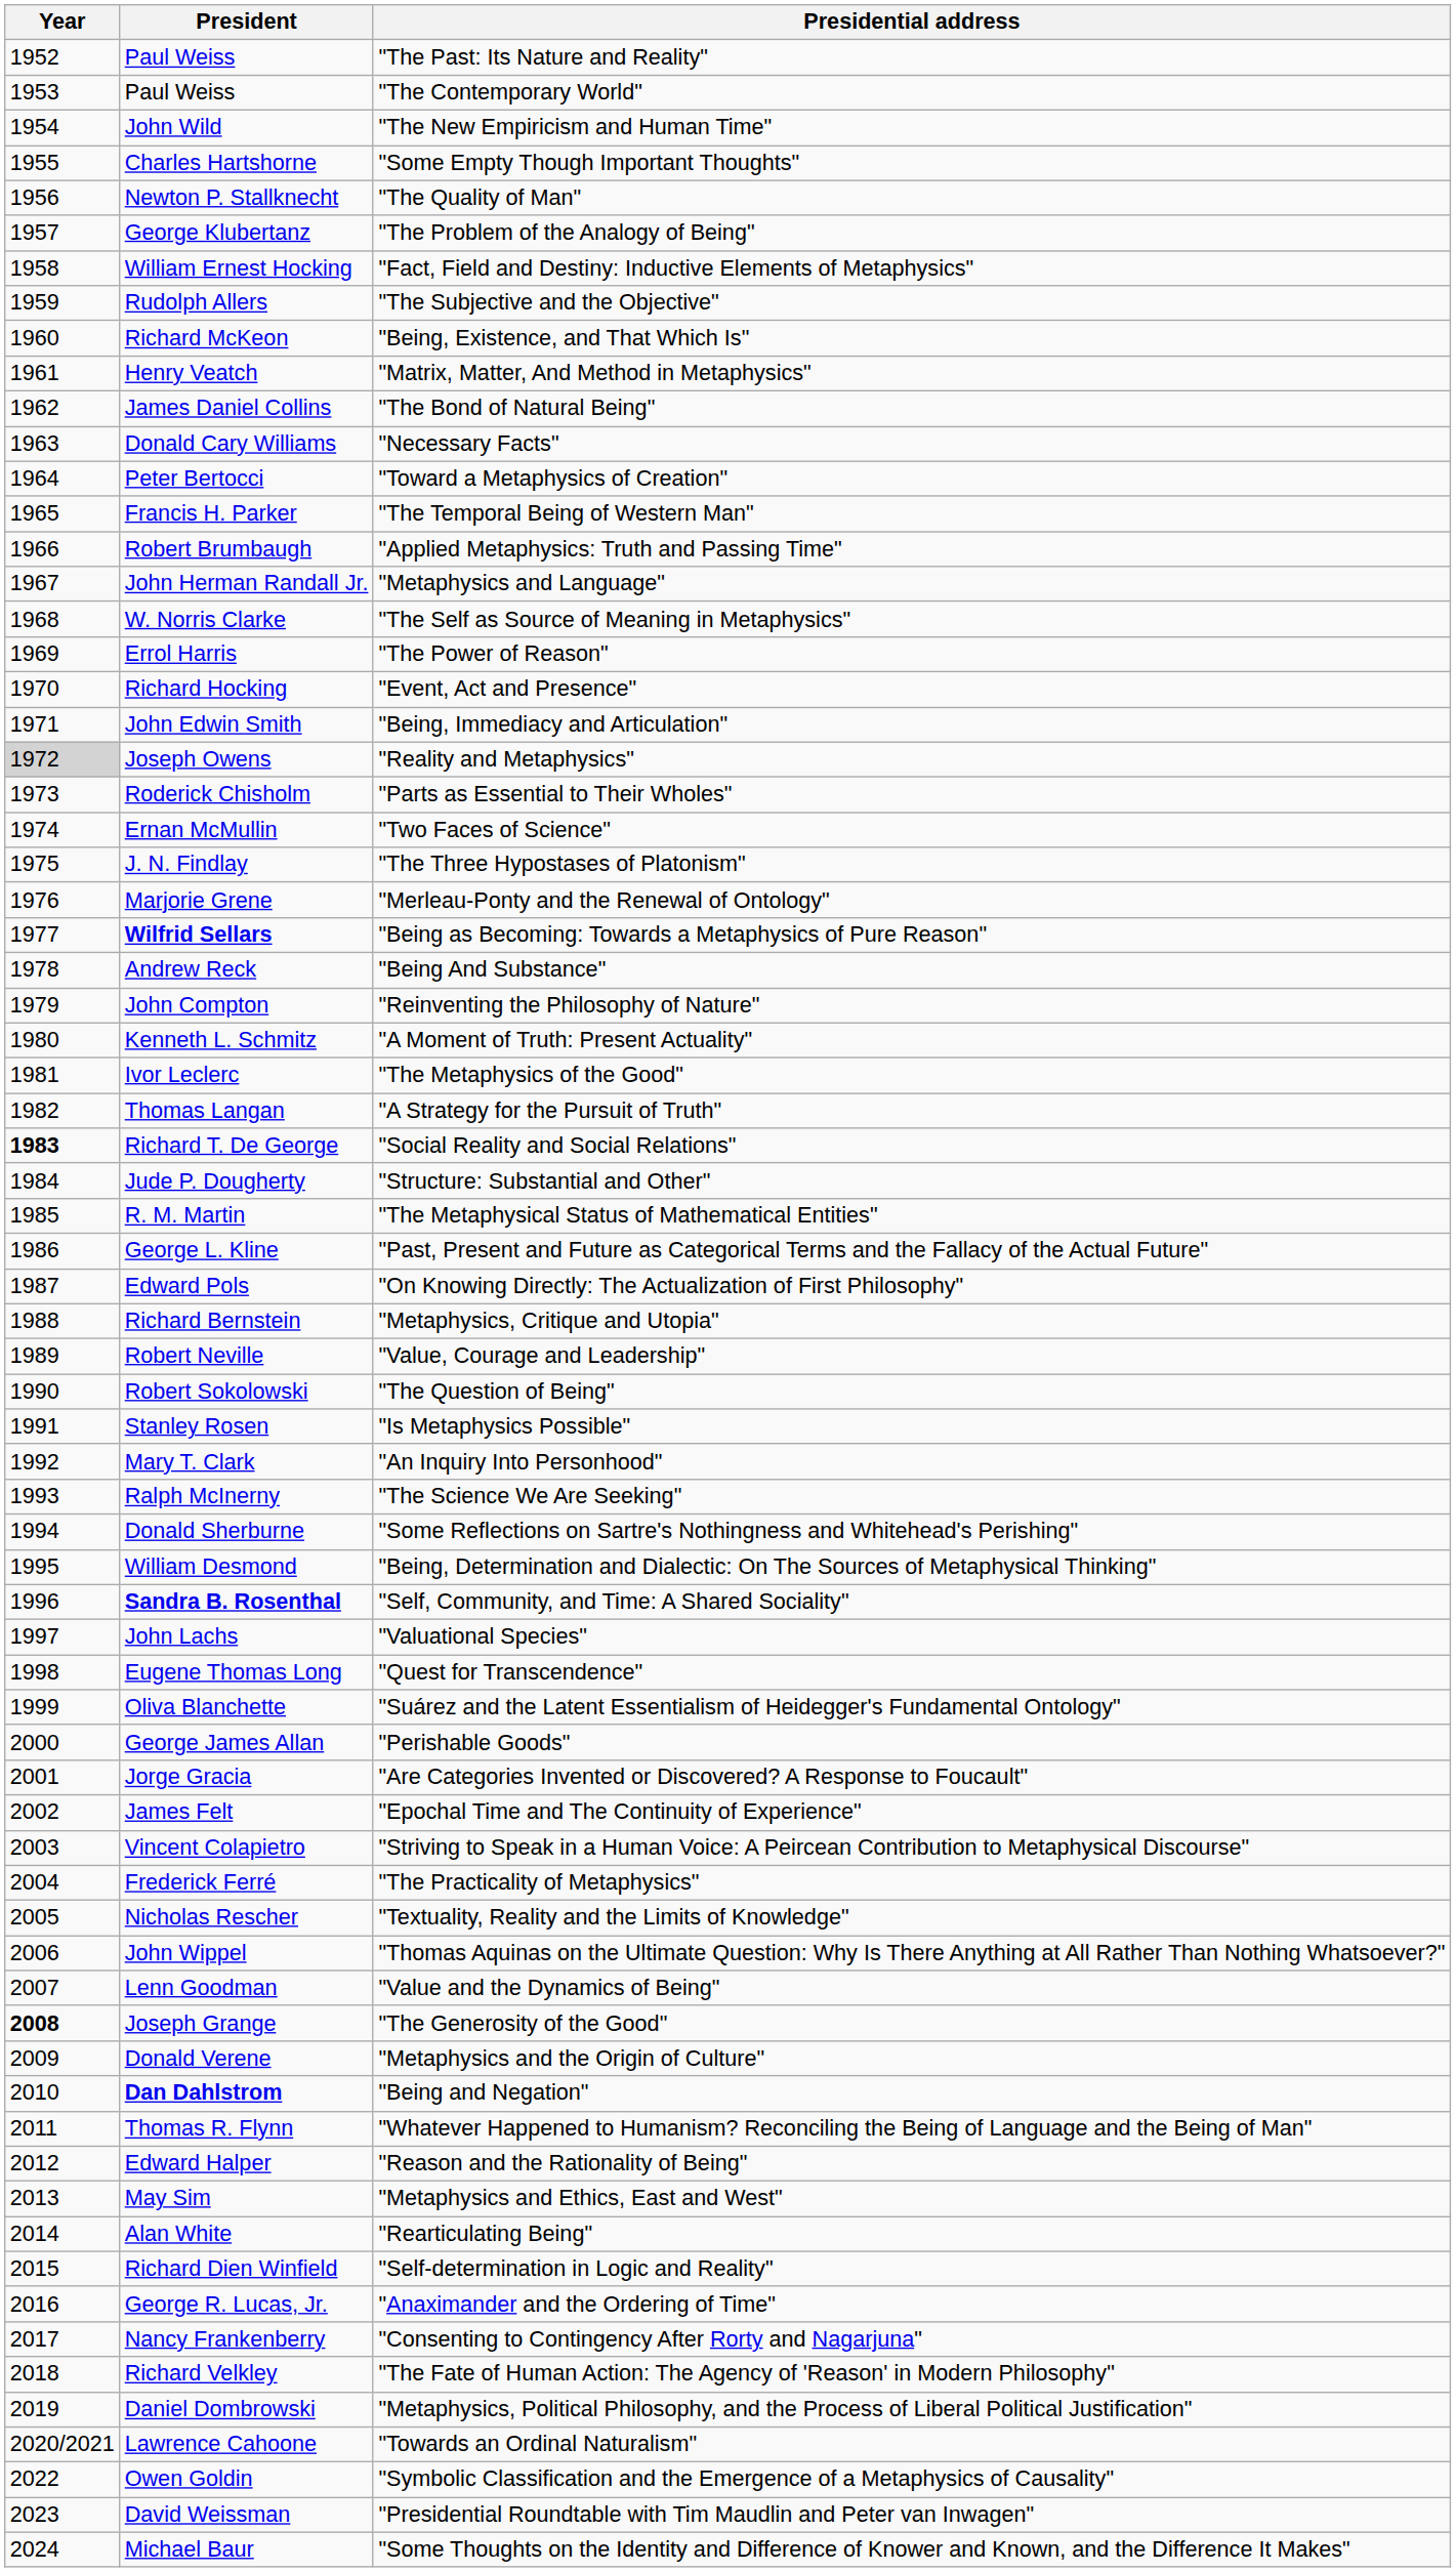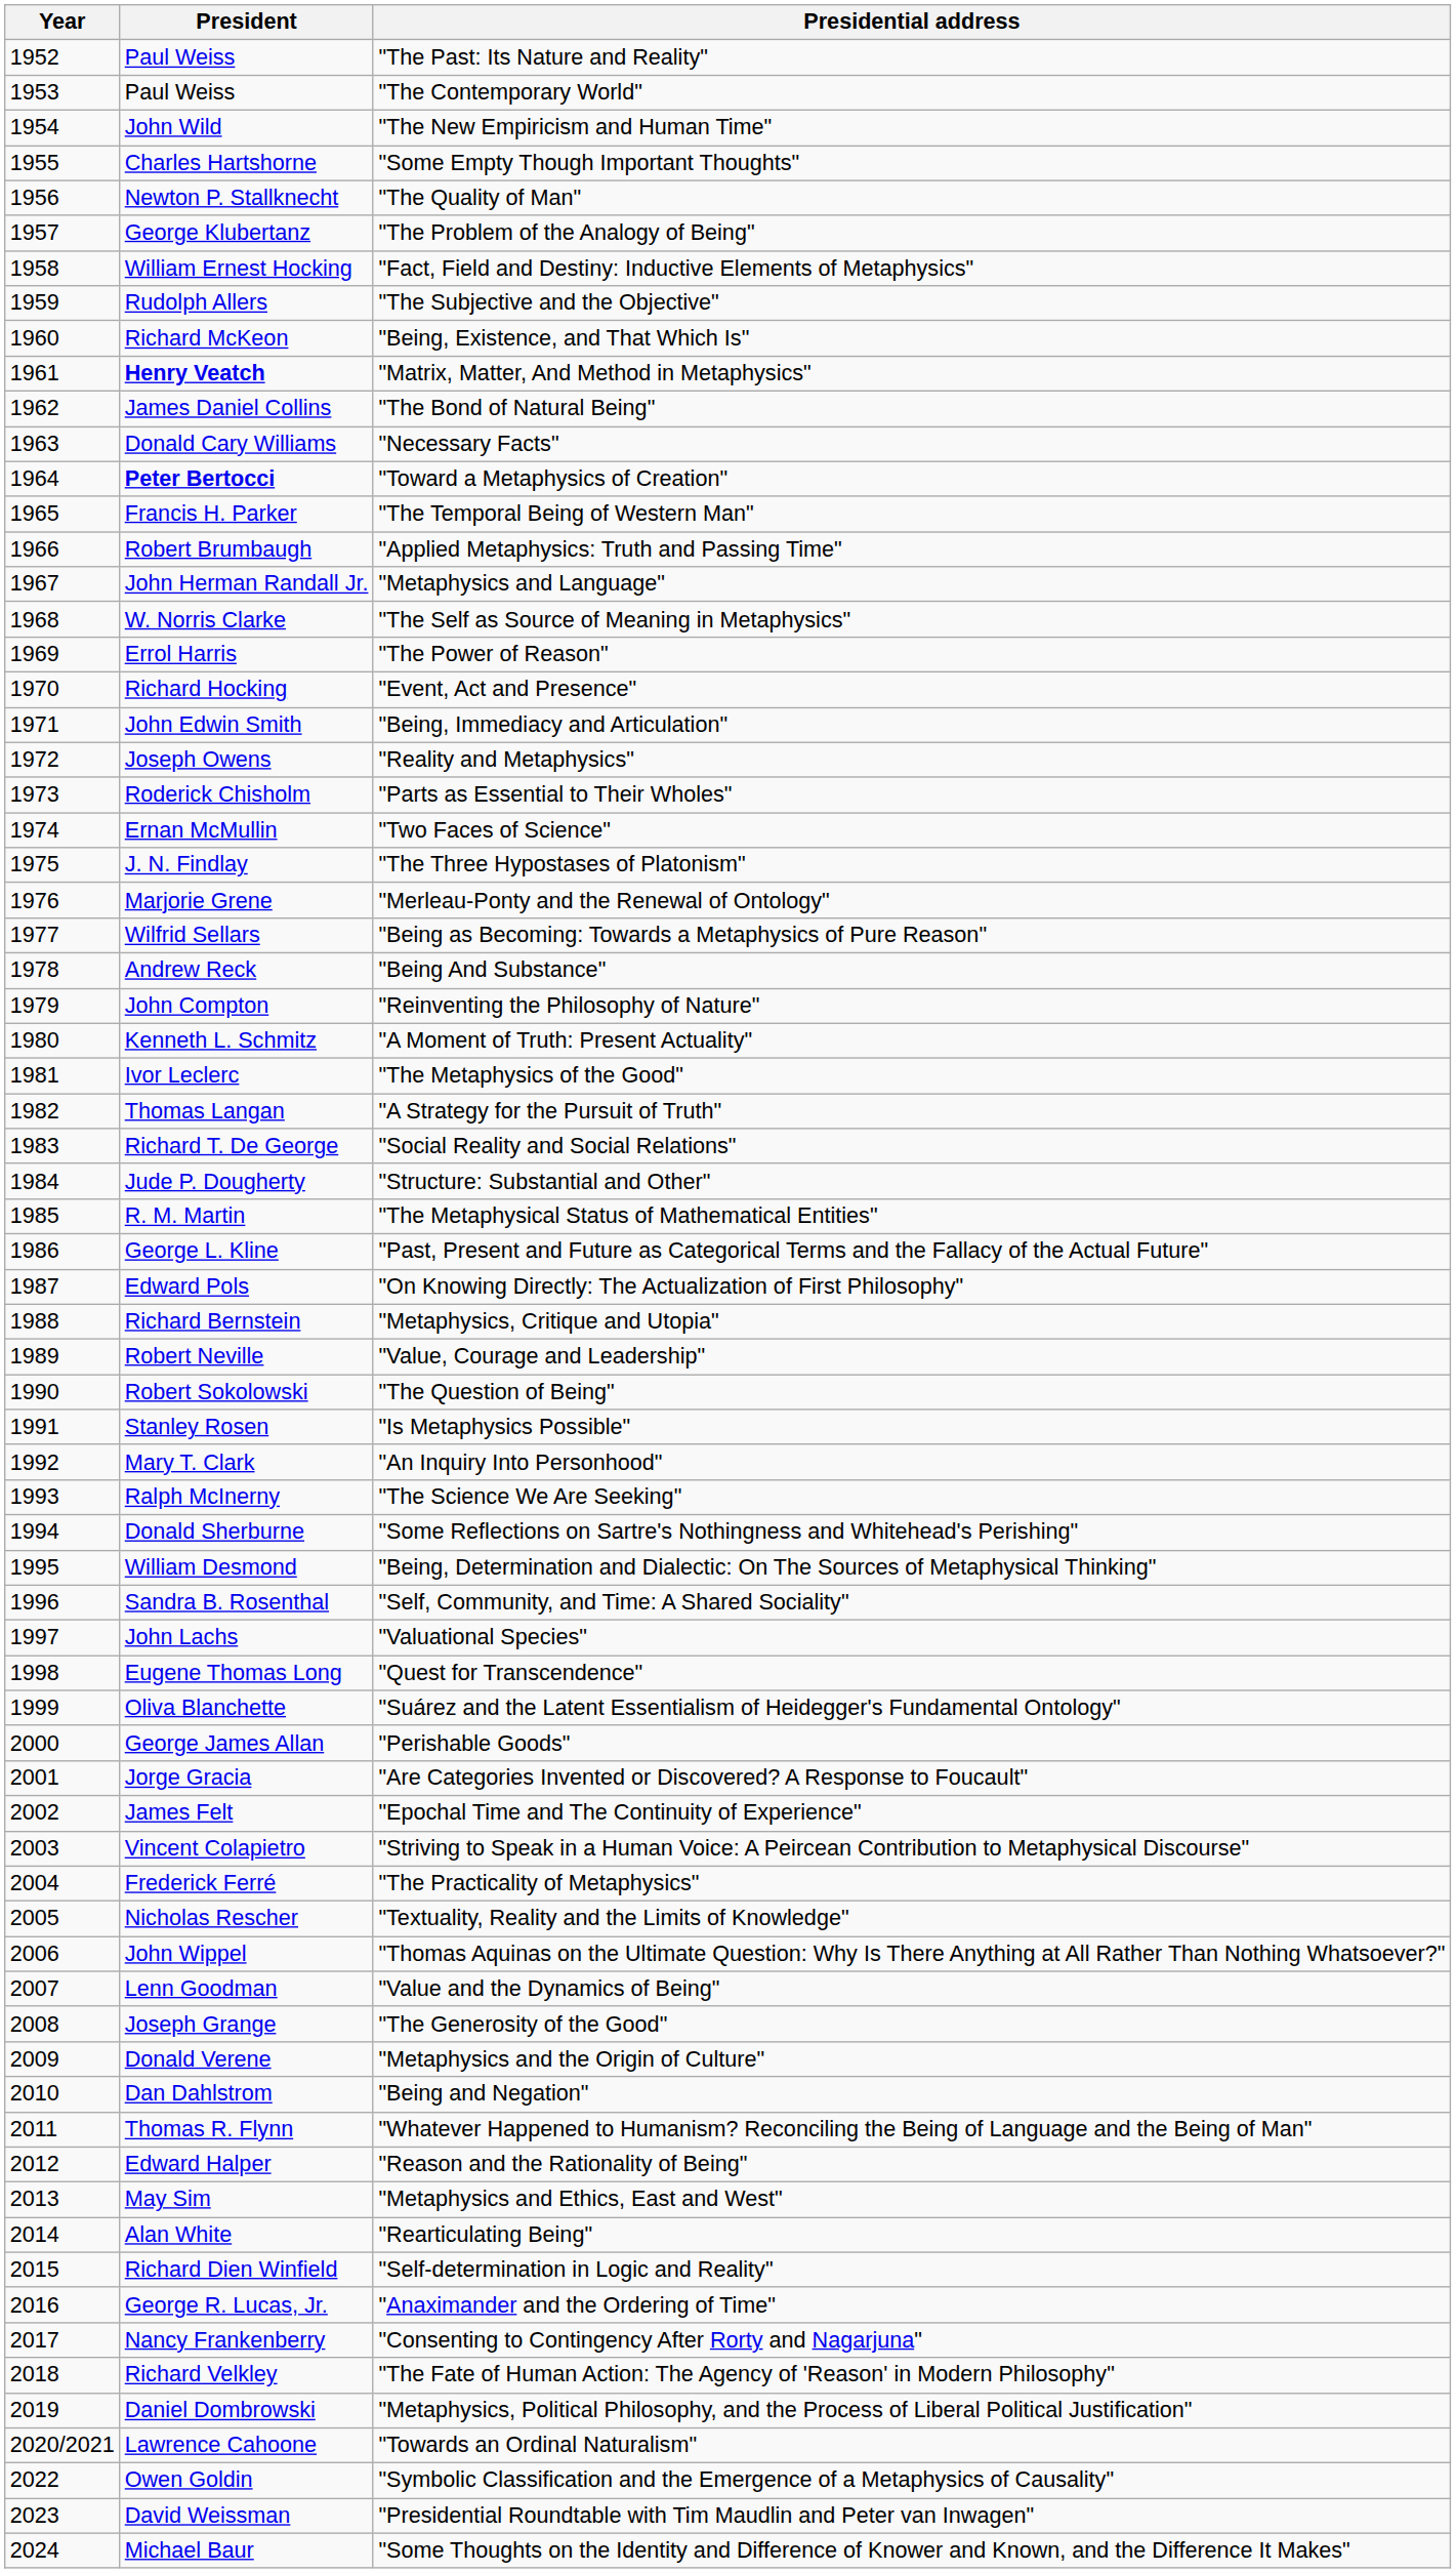 <table class="wikitable">
 <tr>
 <th>Year</th>
 <th>President</th>
 <th>Presidential address</th>
 </tr>
 <tr>
 <td>1952</td>
 <td><a href='#'>Paul Weiss</a></td>
 <td>"The Past: Its Nature and Reality"</td>
 </tr>
 <tr>
 <td>1953</td>
 <td>Paul Weiss</td>
 <td>"The Contemporary World"</td>
 </tr>
 <tr>
 <td>1954</td>
 <td><a href='#'>John Wild</a></td>
 <td>"The New Empiricism and Human Time"</td>
 </tr>
 <tr>
 <td>1955</td>
 <td><a href='#'>Charles Hartshorne</a></td>
 <td>"Some Empty Though Important Thoughts"</td>
 </tr>
 <tr>
 <td>1956</td>
 <td><a href='#'>Newton P. Stallknecht</a></td>
 <td>"The Quality of Man"</td>
 </tr>
 <tr>
 <td>1957</td>
 <td><a href='#'>George Klubertanz</a></td>
 <td>"The Problem of the Analogy of Being"</td>
 </tr>
 <tr>
 <td>1958</td>
 <td><a href='#'>William Ernest Hocking</a></td>
 <td>"Fact, Field and Destiny: Inductive Elements of Metaphysics"</td>
 </tr>
 <tr>
 <td>1959</td>
 <td><a href='#'>Rudolph Allers</a></td>
 <td>"The Subjective and the Objective"</td>
 </tr>
 <tr>
 <td>1960</td>
 <td><a href='#'>Richard McKeon</a></td>
 <td>"Being, Existence, and That Which Is"</td>
 </tr>
 <tr>
 <td>1961</td>
-<td><a href='#'>Henry Veatch</a></td>
+<td><strong><a href='#'>Henry Veatch</a></strong></td>
 <td>"Matrix, Matter, And Method in Metaphysics"</td>
 </tr>
 <tr>
 <td>1962</td>
 <td><a href='#'>James Daniel Collins</a></td>
 <td>"The Bond of Natural Being"</td>
 </tr>
 <tr>
 <td>1963</td>
 <td><a href='#'>Donald Cary Williams</a></td>
 <td>"Necessary Facts"</td>
 </tr>
 <tr>
 <td>1964</td>
-<td><a href='#'>Peter Bertocci</a></td>
+<td><strong><a href='#'>Peter Bertocci</a></strong></td>
 <td>"Toward a Metaphysics of Creation"</td>
 </tr>
 <tr>
 <td>1965</td>
 <td><a href='#'>Francis H. Parker</a></td>
 <td>"The Temporal Being of Western Man"</td>
 </tr>
 <tr>
 <td>1966</td>
 <td><a href='#'>Robert Brumbaugh</a></td>
 <td>"Applied Metaphysics: Truth and Passing Time"</td>
 </tr>
 <tr>
 <td>1967</td>
 <td><a href='#'>John Herman Randall Jr.</a></td>
 <td>"Metaphysics and Language"</td>
 </tr>
 <tr>
 <td>1968</td>
 <td><a href='#'>W. Norris Clarke</a></td>
 <td>"The Self as Source of Meaning in Metaphysics"</td>
 </tr>
 <tr>
 <td>1969</td>
 <td><a href='#'>Errol Harris</a></td>
 <td>"The Power of Reason"</td>
 </tr>
 <tr>
 <td>1970</td>
 <td><a href='#'>Richard Hocking</a></td>
 <td>"Event, Act and Presence"</td>
 </tr>
 <tr>
 <td>1971</td>
 <td><a href='#'>John Edwin Smith</a></td>
 <td>"Being, Immediacy and Articulation"</td>
 </tr>
 <tr>
-<td style="background: lightgrey;">1972</td>
+<td>1972</td>
 <td><a href='#'>Joseph Owens</a></td>
 <td>"Reality and Metaphysics"</td>
 </tr>
 <tr>
 <td>1973</td>
 <td><a href='#'>Roderick Chisholm</a></td>
 <td>"Parts as Essential to Their Wholes"</td>
 </tr>
 <tr>
 <td>1974</td>
 <td><a href='#'>Ernan McMullin</a></td>
 <td>"Two Faces of Science"</td>
 </tr>
 <tr>
 <td>1975</td>
 <td><a href='#'>J.&nbsp;N. Findlay</a></td>
 <td>"The Three Hypostases of Platonism"</td>
 </tr>
 <tr>
 <td>1976</td>
 <td><a href='#'>Marjorie Grene</a></td>
 <td>"Merleau-Ponty and the Renewal of Ontology"</td>
 </tr>
 <tr>
 <td>1977</td>
-<td><strong><a href='#'>Wilfrid Sellars</a></strong></td>
+<td><a href='#'>Wilfrid Sellars</a></td>
 <td>"Being as Becoming: Towards a Metaphysics of Pure Reason"</td>
 </tr>
 <tr>
 <td>1978</td>
 <td><a href='#'>Andrew Reck</a></td>
 <td>"Being And Substance"</td>
 </tr>
 <tr>
 <td>1979</td>
 <td><a href='#'>John Compton</a></td>
 <td>"Reinventing the Philosophy of Nature"</td>
 </tr>
 <tr>
 <td>1980</td>
 <td><a href='#'>Kenneth L. Schmitz</a></td>
 <td>"A Moment of Truth:  Present Actuality"</td>
 </tr>
 <tr>
 <td>1981</td>
 <td><a href='#'>Ivor Leclerc</a></td>
 <td>"The Metaphysics of the Good"</td>
 </tr>
 <tr>
 <td>1982</td>
 <td><a href='#'>Thomas Langan</a></td>
 <td>"A Strategy for the Pursuit of Truth"</td>
 </tr>
 <tr>
-<td><strong>1983</strong></td>
+<td>1983</td>
 <td><a href='#'>Richard T. De George</a></td>
 <td>"Social Reality and Social Relations"</td>
 </tr>
 <tr>
 <td>1984</td>
 <td><a href='#'>Jude P. Dougherty</a></td>
 <td>"Structure: Substantial and Other"</td>
 </tr>
 <tr>
 <td>1985</td>
 <td><a href='#'>R. M. Martin</a></td>
 <td>"The Metaphysical Status of Mathematical Entities"</td>
 </tr>
 <tr>
 <td>1986</td>
 <td><a href='#'>George L. Kline</a></td>
 <td>"Past, Present and Future as Categorical Terms and the Fallacy of the Actual Future"</td>
 </tr>
 <tr>
 <td>1987</td>
 <td><a href='#'>Edward Pols</a></td>
 <td>"On Knowing Directly: The Actualization of First Philosophy"</td>
 </tr>
 <tr>
 <td>1988</td>
 <td><a href='#'>Richard Bernstein</a></td>
 <td>"Metaphysics, Critique and Utopia"</td>
 </tr>
 <tr>
 <td>1989</td>
 <td><a href='#'>Robert Neville</a></td>
 <td>"Value, Courage and Leadership"</td>
 </tr>
 <tr>
 <td>1990</td>
 <td><a href='#'>Robert Sokolowski</a></td>
 <td>"The Question of Being"</td>
 </tr>
 <tr>
 <td>1991</td>
 <td><a href='#'>Stanley Rosen</a></td>
 <td>"Is Metaphysics Possible"</td>
 </tr>
 <tr>
 <td>1992</td>
 <td><a href='#'>Mary T. Clark</a></td>
 <td>"An Inquiry Into Personhood"</td>
 </tr>
 <tr>
 <td>1993</td>
 <td><a href='#'>Ralph McInerny</a></td>
 <td>"The Science We Are Seeking"</td>
 </tr>
 <tr>
 <td>1994</td>
 <td><a href='#'>Donald Sherburne</a></td>
 <td>"Some Reflections on Sartre's Nothingness and Whitehead's Perishing"</td>
 </tr>
 <tr>
 <td>1995</td>
 <td><a href='#'>William Desmond</a></td>
 <td>"Being, Determination and Dialectic: On The Sources of Metaphysical Thinking"</td>
 </tr>
 <tr>
 <td>1996</td>
-<td><strong><a href='#'>Sandra B. Rosenthal</a></strong></td>
+<td><a href='#'>Sandra B. Rosenthal</a></td>
 <td>"Self, Community, and Time: A Shared Sociality"</td>
 </tr>
 <tr>
 <td>1997</td>
 <td><a href='#'>John Lachs</a></td>
 <td>"Valuational Species"</td>
 </tr>
 <tr>
 <td>1998</td>
 <td><a href='#'>Eugene Thomas Long</a></td>
 <td>"Quest for Transcendence"</td>
 </tr>
 <tr>
 <td>1999</td>
 <td><a href='#'>Oliva Blanchette</a></td>
 <td>"Suárez and the Latent Essentialism of Heidegger's Fundamental Ontology"</td>
 </tr>
 <tr>
 <td>2000</td>
 <td><a href='#'>George James Allan</a></td>
 <td>"Perishable Goods"</td>
 </tr>
 <tr>
 <td>2001</td>
 <td><a href='#'>Jorge Gracia</a></td>
 <td>"Are Categories Invented or Discovered? A Response to Foucault"</td>
 </tr>
 <tr>
 <td>2002</td>
 <td><a href='#'>James Felt</a></td>
 <td>"Epochal Time and The Continuity of Experience"</td>
 </tr>
 <tr>
 <td>2003</td>
 <td><a href='#'>Vincent Colapietro</a></td>
 <td>"Striving to Speak in a Human Voice: A Peircean Contribution to Metaphysical Discourse"</td>
 </tr>
 <tr>
 <td>2004</td>
 <td><a href='#'>Frederick Ferré</a></td>
 <td>"The Practicality of Metaphysics"</td>
 </tr>
 <tr>
 <td>2005</td>
 <td><a href='#'>Nicholas Rescher</a></td>
 <td>"Textuality, Reality and the Limits of Knowledge"</td>
 </tr>
 <tr>
 <td>2006</td>
 <td><a href='#'>John Wippel</a></td>
 <td>"Thomas Aquinas on the Ultimate Question: Why Is There Anything at All Rather Than Nothing Whatsoever?"</td>
 </tr>
 <tr>
 <td>2007</td>
 <td><a href='#'>Lenn Goodman</a></td>
 <td>"Value and the Dynamics of Being"</td>
 </tr>
 <tr>
-<td><strong>2008</strong></td>
+<td>2008</td>
 <td><a href='#'>Joseph Grange</a></td>
 <td>"The Generosity of the Good"</td>
 </tr>
 <tr>
 <td>2009</td>
 <td><a href='#'>Donald Verene</a></td>
 <td>"Metaphysics and the Origin of Culture"</td>
 </tr>
 <tr>
 <td>2010</td>
-<td><strong><a href='#'>Dan Dahlstrom</a></strong></td>
+<td><a href='#'>Dan Dahlstrom</a></td>
 <td>"Being and Negation"</td>
 </tr>
 <tr>
 <td>2011</td>
 <td><a href='#'>Thomas R. Flynn</a></td>
 <td>"Whatever Happened to Humanism? Reconciling the Being of Language and the Being of Man"</td>
 </tr>
 <tr>
 <td>2012</td>
 <td><a href='#'>Edward Halper</a></td>
 <td>"Reason and the Rationality of Being"</td>
 </tr>
 <tr>
 <td>2013</td>
 <td><a href='#'>May Sim</a></td>
 <td>"Metaphysics and Ethics, East and West"</td>
 </tr>
 <tr>
 <td>2014</td>
 <td><a href='#'>Alan White</a></td>
 <td>"Rearticulating Being"</td>
 </tr>
 <tr>
 <td>2015</td>
 <td><a href='#'>Richard Dien Winfield</a></td>
 <td>"Self-determination in Logic and Reality"</td>
 </tr>
 <tr>
 <td>2016</td>
 <td><a href='#'>George R. Lucas, Jr.</a></td>
 <td>"<a href='#'>Anaximander</a> and the Ordering of Time"</td>
 </tr>
 <tr>
 <td>2017</td>
 <td><a href='#'>Nancy Frankenberry</a></td>
 <td>"Consenting to Contingency After <a href='#'>Rorty</a> and <a href='#'>Nagarjuna</a>"</td>
 </tr>
 <tr>
 <td>2018</td>
 <td><a href='#'>Richard Velkley</a></td>
 <td>"The Fate of Human Action: The Agency of 'Reason' in Modern Philosophy"</td>
 </tr>
 <tr>
 <td>2019</td>
 <td><a href='#'>Daniel Dombrowski</a></td>
 <td>"Metaphysics, Political Philosophy, and the Process of Liberal Political Justification"</td>
 </tr>
 <tr>
 <td>2020/2021</td>
 <td><a href='#'>Lawrence Cahoone</a></td>
 <td>"Towards an Ordinal Naturalism"</td>
 </tr>
 <tr>
 <td>2022</td>
 <td><a href='#'>Owen Goldin</a></td>
 <td>"Symbolic Classification and the Emergence of a Metaphysics of Causality"</td>
 </tr>
 <tr>
 <td>2023</td>
 <td><a href='#'>David Weissman</a></td>
 <td>"Presidential Roundtable with Tim Maudlin and Peter van Inwagen"</td>
 </tr>
 <tr>
 <td>2024</td>
 <td><a href='#'>Michael Baur</a></td>
 <td>"Some Thoughts on the Identity and Difference of Knower and Known, and the Difference It Makes"</td>
 </tr>
 </table>
